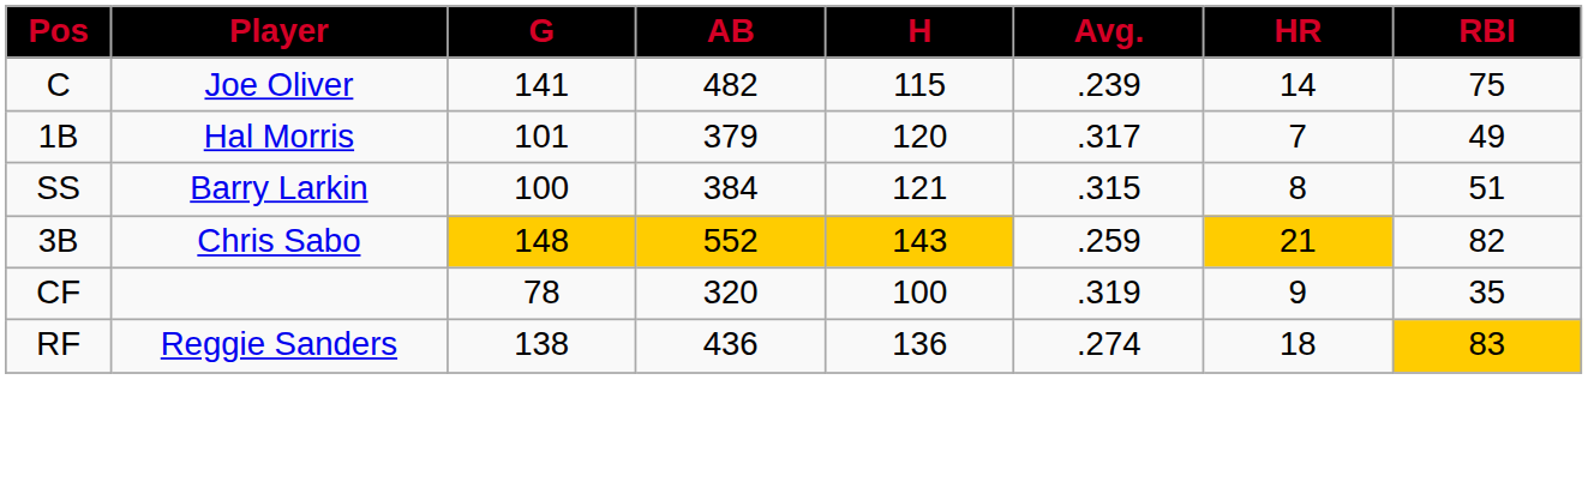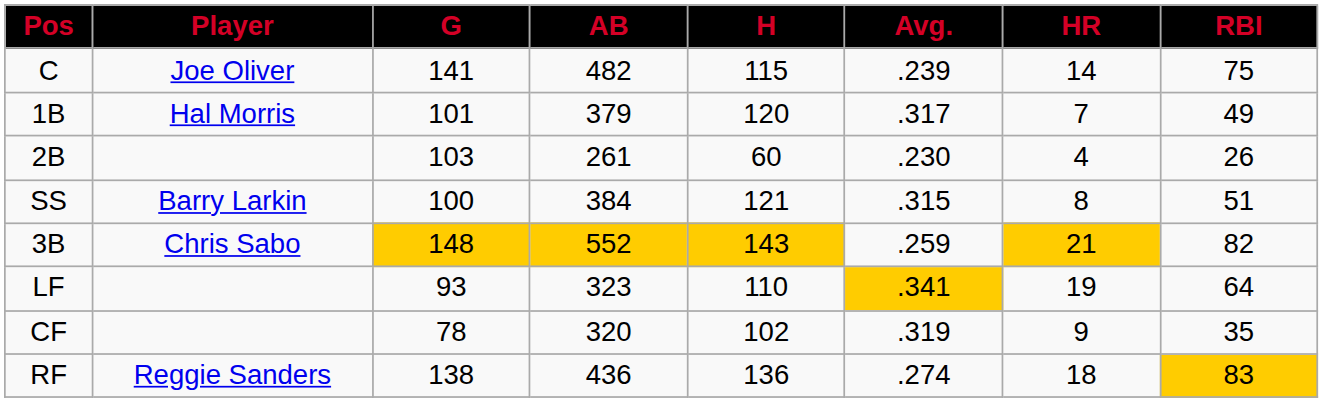 <table class="wikitable sortable">
 <tr>
 <th style="background:black;color:#d40026;" width="5%">Pos</th>
 <th style="background:black;color:#d40026;" width="16%">Player</th>
 <th style="background:black;color:#d40026;" width="9%">G</th>
 <th style="background:black;color:#d40026;" width="9%">AB</th>
 <th style="background:black;color:#d40026;" width="9%">H</th>
 <th style="background:black;color:#d40026;" width="9%">Avg.</th>
 <th style="background:black;color:#d40026;" width="9%">HR</th>
 <th style="background:black;color:#d40026;" width="9%">RBI</th>
 </tr>
 <tr align="center">
 <td>C</td>
 <td><a href='#'>Joe Oliver</a></td>
 <td>141</td>
 <td>482</td>
 <td>115</td>
 <td>.239</td>
 <td>14</td>
 <td>75</td>
 </tr>
 <tr align=center>
 <td>1B</td>
 <td><a href='#'>Hal Morris</a></td>
 <td>101</td>
 <td>379</td>
 <td>120</td>
 <td>.317</td>
 <td>7</td>
 <td>49</td>
 </tr>
+<tr align=center>
+<td>2B</td>
+<td></td>
+<td>103</td>
+<td>261</td>
+<td>60</td>
+<td>.230</td>
+<td>4</td>
+<td>26</td>
+</tr>
 <tr align="center">
 <td>SS</td>
 <td><a href='#'>Barry Larkin</a></td>
 <td>100</td>
 <td>384</td>
 <td>121</td>
 <td>.315</td>
 <td>8</td>
 <td>51</td>
 </tr>
 <tr align=center>
 <td>3B</td>
 <td><a href='#'>Chris Sabo</a></td>
 <td style="background:#fc0;">148</td>
 <td style="background:#fc0;">552</td>
 <td style="background:#fc0;">143</td>
 <td>.259</td>
 <td style="background:#fc0;">21</td>
 <td>82</td>
 </tr>
+<tr align=center>
+<td>LF</td>
+<td></td>
+<td>93</td>
+<td>323</td>
+<td>110</td>
+<td style="background:#fc0;">.341</td>
+<td>19</td>
+<td>64</td>
+</tr>
 <tr align="center">
 <td>CF</td>
 <td></td>
 <td>78</td>
 <td>320</td>
-<td>100</td>
+<td>102</td>
 <td>.319</td>
 <td>9</td>
 <td>35</td>
 </tr>
 <tr align="center">
 <td>RF</td>
 <td><a href='#'>Reggie Sanders</a></td>
 <td>138</td>
 <td>436</td>
 <td>136</td>
 <td>.274</td>
 <td>18</td>
 <td style="background:#fc0;">83</td>
 </tr>
 </table>
